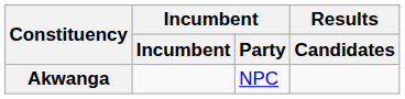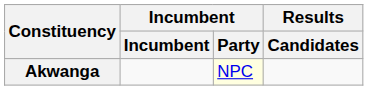 <table class="wikitable sortable">
 <tr>
 <th rowspan="2">Constituency</th>
 <th colspan="2">Incumbent</th>
 <th>Results</th>
 </tr>
 <tr valign="bottom">
 <th>Incumbent</th>
 <th>Party</th>
 <th>Candidates</th>
 </tr>
 <tr>
 <th>Akwanga</th>
 <td></td>
-<td><a href='#'>NPC</a></td>
+<td style="background: lightyellow;"><a href='#'>NPC</a></td>
 <td nowrap=""></td>
 </tr>
 </table>
